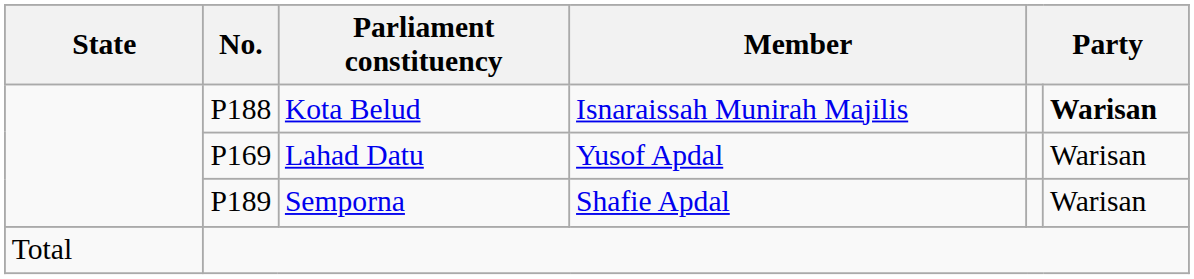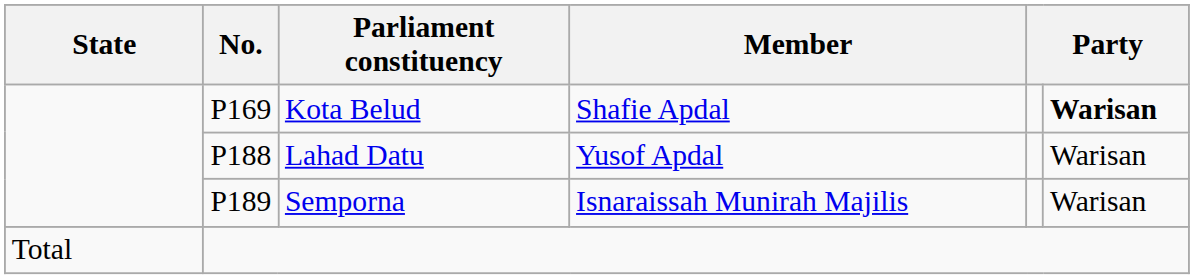 <table class ="wikitable sortable">
 <tr>
 <th style="width:100px;">State</th>
 <th style="width:30px;">No.</th>
 <th style="width:150px;">Parliament constituency</th>
 <th style="width:240px;">Member</th>
 <th style="width:80px;" colspan=2>Party</th>
 </tr>
 <tr>
 <td rowspan="3"></td>
-<td>P188</td>
+<td>P169</td>
 <td><a href='#'>Kota Belud</a></td>
-<td><a href='#'>Isnaraissah Munirah Majilis</a></td>
+<td><a href='#'>Shafie Apdal</a></td>
 <td></td>
 <td><strong>Warisan</strong></td>
 </tr>
 <tr>
-<td>P169</td>
+<td>P188</td>
 <td><a href='#'>Lahad Datu</a></td>
 <td><a href='#'>Yusof Apdal</a></td>
 <td></td>
 <td>Warisan</td>
 </tr>
 <tr>
 <td>P189</td>
 <td><a href='#'>Semporna</a></td>
-<td><a href='#'>Shafie Apdal</a></td>
+<td><a href='#'>Isnaraissah Munirah Majilis</a></td>
 <td></td>
 <td>Warisan</td>
 </tr>
 <tr>
 <td>Total</td>
 <td style="width:30px;" colspan=5></td>
 </tr>
 </table>
